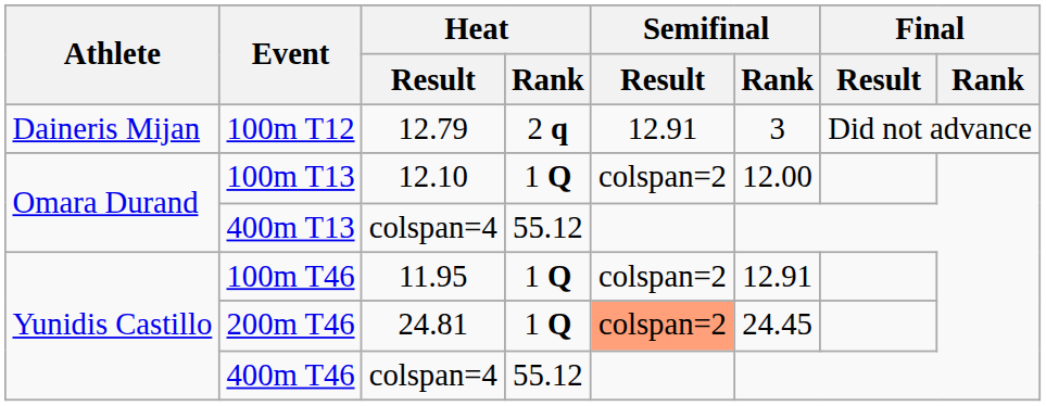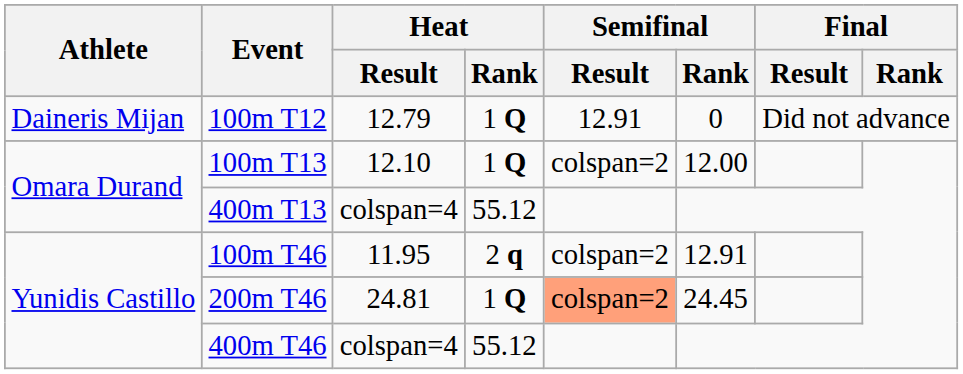 <table class="wikitable">
 <tr>
 <th rowspan="2">Athlete</th>
 <th rowspan="2">Event</th>
 <th colspan="2">Heat</th>
 <th colspan="2">Semifinal</th>
 <th colspan="2">Final</th>
 </tr>
 <tr>
 <th>Result</th>
 <th>Rank</th>
 <th>Result</th>
 <th>Rank</th>
 <th>Result</th>
 <th>Rank</th>
 </tr>
 <tr align=center>
 <td align=left><a href='#'>Daineris Mijan</a></td>
 <td align=left><a href='#'>100m T12</a></td>
 <td>12.79</td>
-<td>2 <strong>q</strong></td>
+<td>1 <strong>Q</strong></td>
 <td>12.91</td>
-<td>3</td>
+<td>0</td>
 <td colspan=2>Did not advance</td>
 </tr>
 <tr align=center>
 <td align=left rowspan=2><a href='#'>Omara Durand</a></td>
 <td align=left><a href='#'>100m T13</a></td>
 <td>12.10</td>
 <td>1 <strong>Q</strong></td>
 <td>colspan=2 </td>
 <td>12.00</td>
 <td></td>
 </tr>
 <tr align=center>
 <td align=left><a href='#'>400m T13</a></td>
 <td>colspan=4 </td>
 <td>55.12</td>
 <td></td>
 </tr>
 <tr align=center>
 <td align=left rowspan=3><a href='#'>Yunidis Castillo</a></td>
 <td align=left><a href='#'>100m T46</a></td>
 <td>11.95</td>
-<td>1 <strong>Q</strong></td>
+<td>2 <strong>q</strong></td>
 <td>colspan=2 </td>
 <td>12.91</td>
 <td></td>
 </tr>
 <tr align=center>
 <td align=left><a href='#'>200m T46</a></td>
 <td>24.81</td>
 <td>1 <strong>Q</strong></td>
 <td style="background: lightsalmon;">colspan=2 </td>
 <td>24.45</td>
 <td></td>
 </tr>
 <tr align=center>
 <td align=left><a href='#'>400m T46</a></td>
 <td>colspan=4 </td>
 <td>55.12</td>
 <td></td>
 </tr>
 </table>
